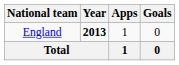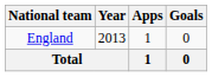 <table class="wikitable" style="text-align: center;">
 <tr>
 <th>National team</th>
 <th>Year</th>
 <th>Apps</th>
 <th>Goals</th>
 </tr>
 <tr>
 <td><a href='#'>England</a></td>
-<td><strong>2013</strong></td>
+<td>2013</td>
 <td>1</td>
 <td>0</td>
 </tr>
 <tr>
 <th colspan="2">Total</th>
 <th>1</th>
 <th>0</th>
 </tr>
 </table>
